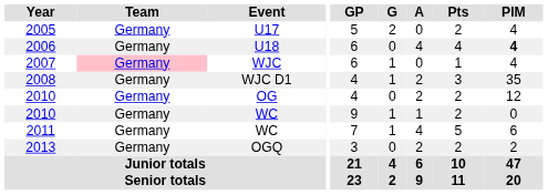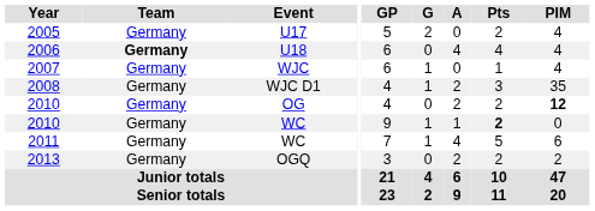 <table border="0" cellpadding="1" cellspacing="0" ID="Table3" style="text-align:center; width:40em">
 <tr bgcolor="#e0e0e0">
 <th>Year</th>
 <th>Team</th>
 <th>Event</th>
 <th rowspan="99" bgcolor="#ffffff"></th>
 <th>GP</th>
 <th>G</th>
 <th>A</th>
 <th>Pts</th>
 <th>PIM</th>
 </tr>
 <tr>
 <td><a href='#'>2005</a></td>
 <td><a href='#'>Germany</a></td>
 <td><a href='#'>U17</a></td>
 <td>5</td>
 <td>2</td>
 <td>0</td>
 <td>2</td>
 <td>4</td>
 </tr>
 <tr bgcolor="#f0f0f0">
 <td><a href='#'>2006</a></td>
-<td>Germany</td>
+<td><strong>Germany</strong></td>
 <td><a href='#'>U18</a></td>
 <td>6</td>
 <td>0</td>
 <td>4</td>
 <td>4</td>
-<td><strong>4</strong></td>
+<td>4</td>
 </tr>
 <tr>
 <td><a href='#'>2007</a></td>
-<td style="background: pink;"><a href='#'>Germany</a></td>
+<td><a href='#'>Germany</a></td>
 <td><a href='#'>WJC</a></td>
 <td>6</td>
 <td>1</td>
 <td>0</td>
 <td>1</td>
 <td>4</td>
 </tr>
 <tr bgcolor="#f0f0f0">
 <td><a href='#'>2008</a></td>
 <td>Germany</td>
 <td>WJC D1</td>
 <td>4</td>
 <td>1</td>
 <td>2</td>
 <td>3</td>
 <td>35</td>
 </tr>
 <tr>
 <td><a href='#'>2010</a></td>
 <td><a href='#'>Germany</a></td>
 <td><a href='#'>OG</a></td>
 <td>4</td>
 <td>0</td>
 <td>2</td>
 <td>2</td>
-<td>12</td>
+<td><strong>12</strong></td>
 </tr>
 <tr bgcolor="#f0f0f0">
 <td><a href='#'>2010</a></td>
 <td>Germany</td>
 <td><a href='#'>WC</a></td>
 <td>9</td>
 <td>1</td>
 <td>1</td>
-<td>2</td>
+<td><strong>2</strong></td>
 <td>0</td>
 </tr>
 <tr>
 <td><a href='#'>2011</a></td>
 <td>Germany</td>
 <td>WC</td>
 <td>7</td>
 <td>1</td>
 <td>4</td>
 <td>5</td>
 <td>6</td>
 </tr>
 <tr bgcolor="#f0f0f0">
 <td><a href='#'>2013</a></td>
 <td>Germany</td>
 <td>OGQ</td>
 <td>3</td>
 <td>0</td>
 <td>2</td>
 <td>2</td>
 <td>2</td>
 </tr>
 <tr bgcolor="#e0e0e0">
 <th colspan="3">Junior totals</th>
 <th>21</th>
 <th>4</th>
 <th>6</th>
 <th>10</th>
 <th>47</th>
 </tr>
 <tr bgcolor="#e0e0e0">
 <th colspan="3">Senior totals</th>
 <th>23</th>
 <th>2</th>
 <th>9</th>
 <th>11</th>
 <th>20</th>
 </tr>
 </table>
